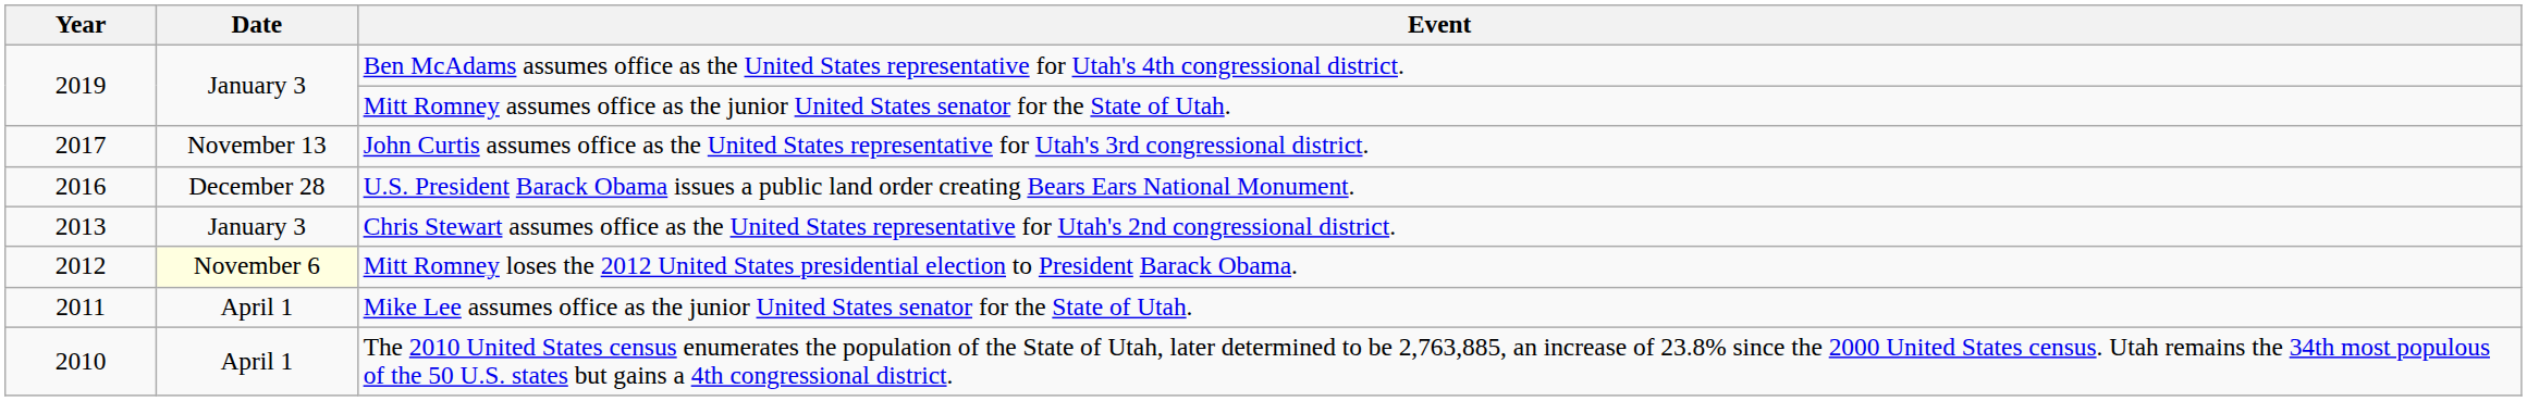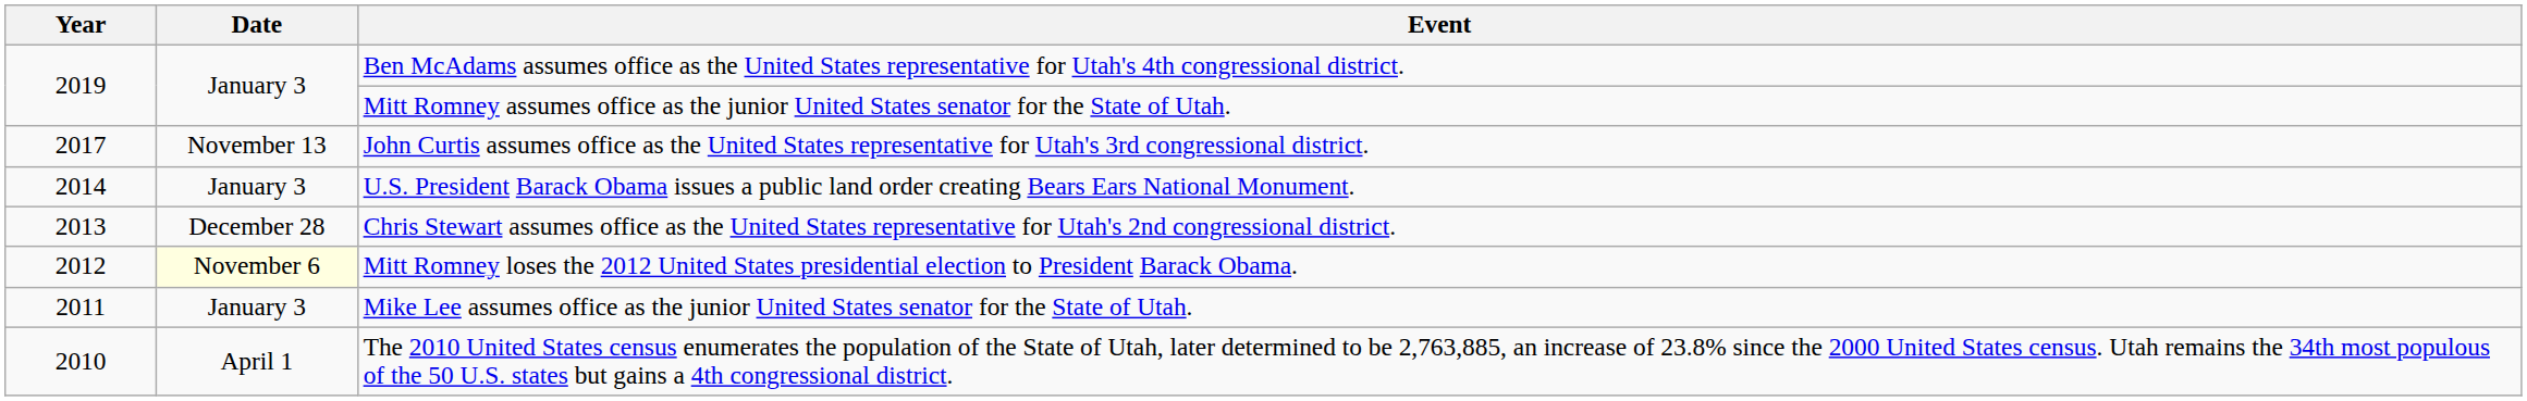 <table class="wikitable" style="width:100%;">
 <tr>
 <th style="width:6%">Year</th>
 <th style="width:8%">Date</th>
 <th style="width:86%">Event</th>
 </tr>
 <tr>
 <td align=center rowspan=2>2019</td>
 <td align=center rowspan=2>January 3</td>
 <td><a href='#'>Ben McAdams</a> assumes office as the <a href='#'>United States representative</a> for <a href='#'>Utah's 4th congressional district</a>.</td>
 </tr>
 <tr>
 <td><a href='#'>Mitt Romney</a> assumes office as the junior <a href='#'>United States senator</a> for the <a href='#'>State of Utah</a>.</td>
 </tr>
 <tr>
 <td align=center rowspan=1>2017</td>
 <td align=center>November 13</td>
 <td><a href='#'>John Curtis</a> assumes office as the <a href='#'>United States representative</a> for <a href='#'>Utah's 3rd congressional district</a>.</td>
 </tr>
 <tr>
-<td align=center rowspan=1>2016</td>
-<td align=center>December 28</td>
+<td align=center rowspan=1>2014</td>
+<td align=center>January 3</td>
 <td><a href='#'>U.S. President</a> <a href='#'>Barack Obama</a> issues a public land order creating <a href='#'>Bears Ears National Monument</a>.</td>
 </tr>
 <tr>
 <td align=center rowspan=1>2013</td>
-<td align=center>January 3</td>
+<td align=center>December 28</td>
 <td><a href='#'>Chris Stewart</a> assumes office as the <a href='#'>United States representative</a> for <a href='#'>Utah's 2nd congressional district</a>.</td>
 </tr>
 <tr>
 <td align=center rowspan=1>2012</td>
 <td align=center style="background: lightyellow;">November 6</td>
 <td><a href='#'>Mitt Romney</a> loses the <a href='#'>2012 United States presidential election</a> to <a href='#'>President</a> <a href='#'>Barack Obama</a>.</td>
 </tr>
 <tr>
 <td align=center rowspan=1>2011</td>
-<td align=center>April 1</td>
+<td align=center>January 3</td>
 <td><a href='#'>Mike Lee</a> assumes office as the junior <a href='#'>United States senator</a> for the <a href='#'>State of Utah</a>.</td>
 </tr>
 <tr>
 <td align=center rowspan=1>2010</td>
 <td align=center>April 1</td>
 <td>The <a href='#'>2010 United States census</a> enumerates the population of the State of Utah, later determined to be 2,763,885, an increase of 23.8% since the <a href='#'>2000 United States census</a>. Utah remains the <a href='#'>34th most populous of the 50 U.S. states</a> but gains a <a href='#'>4th congressional district</a>.</td>
 </tr>
 </table>
